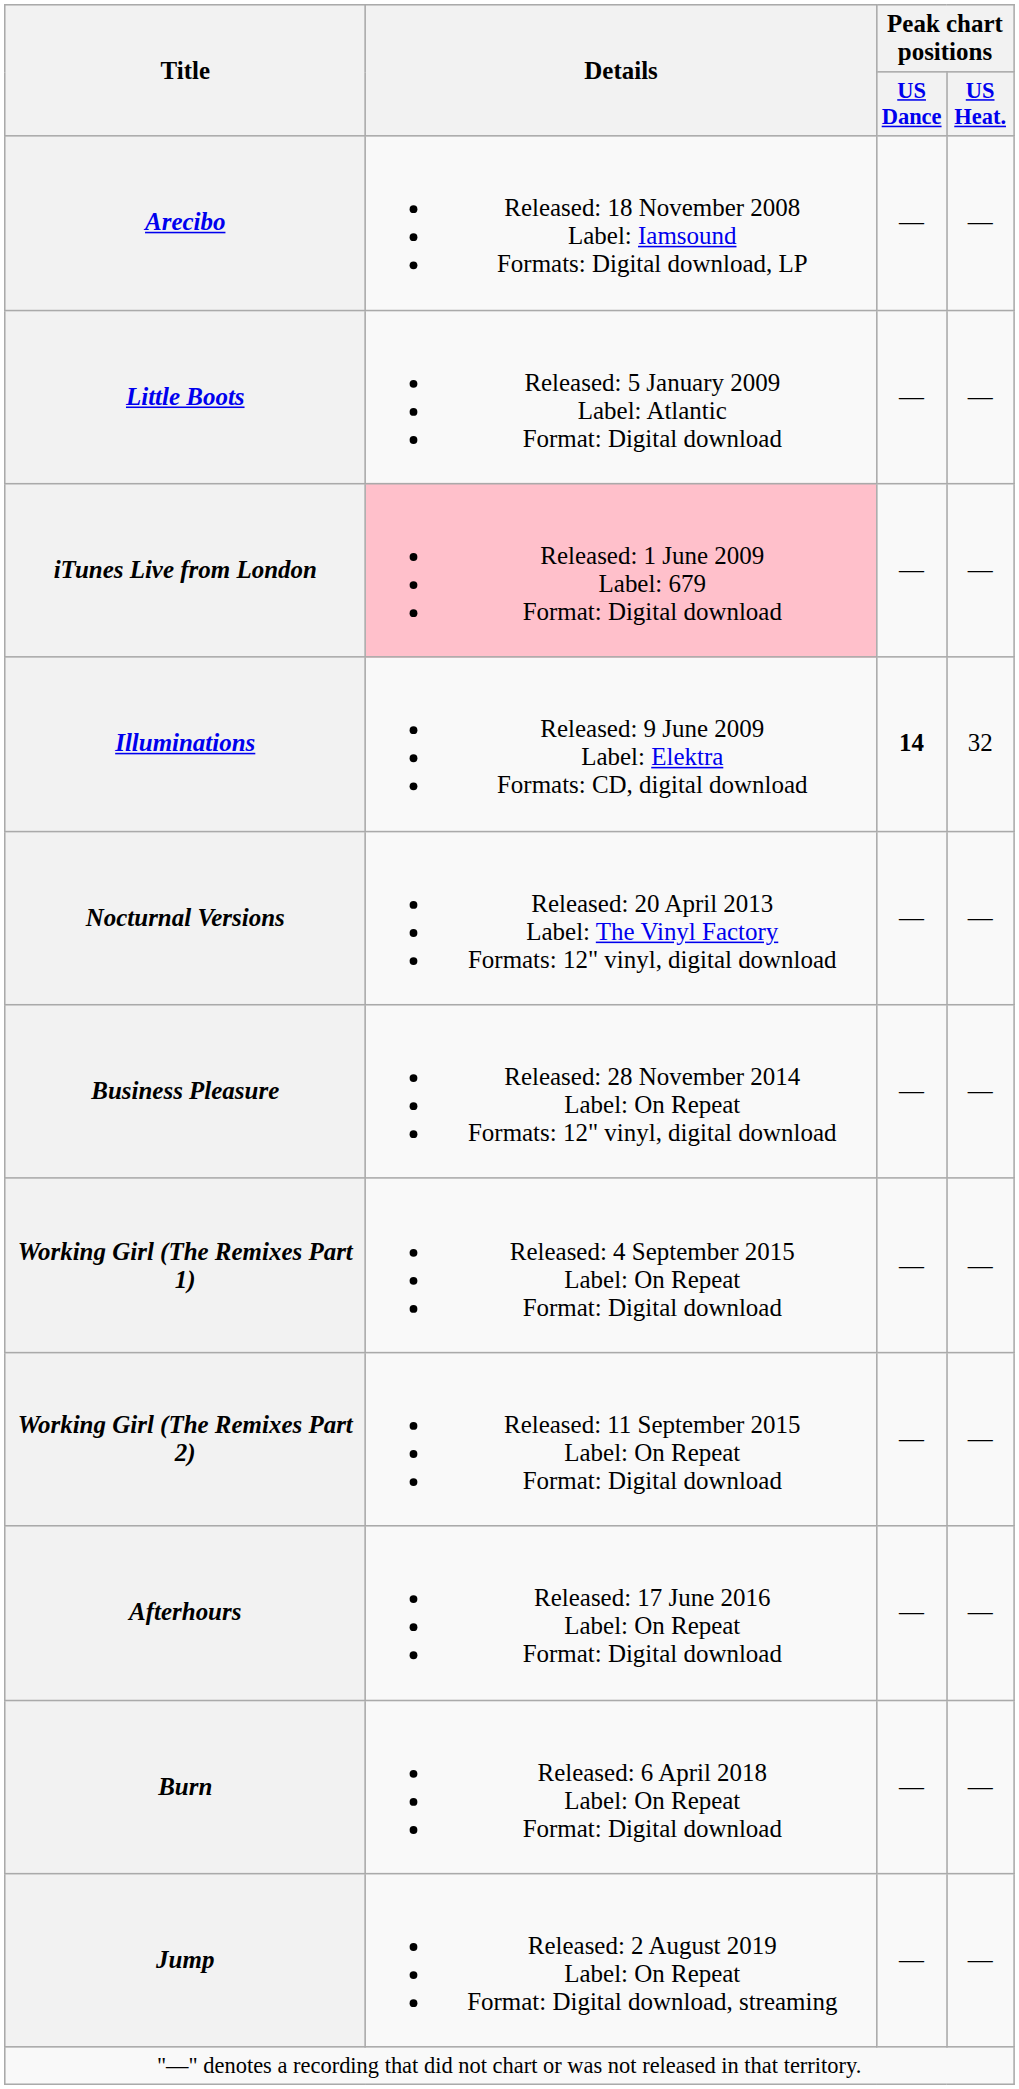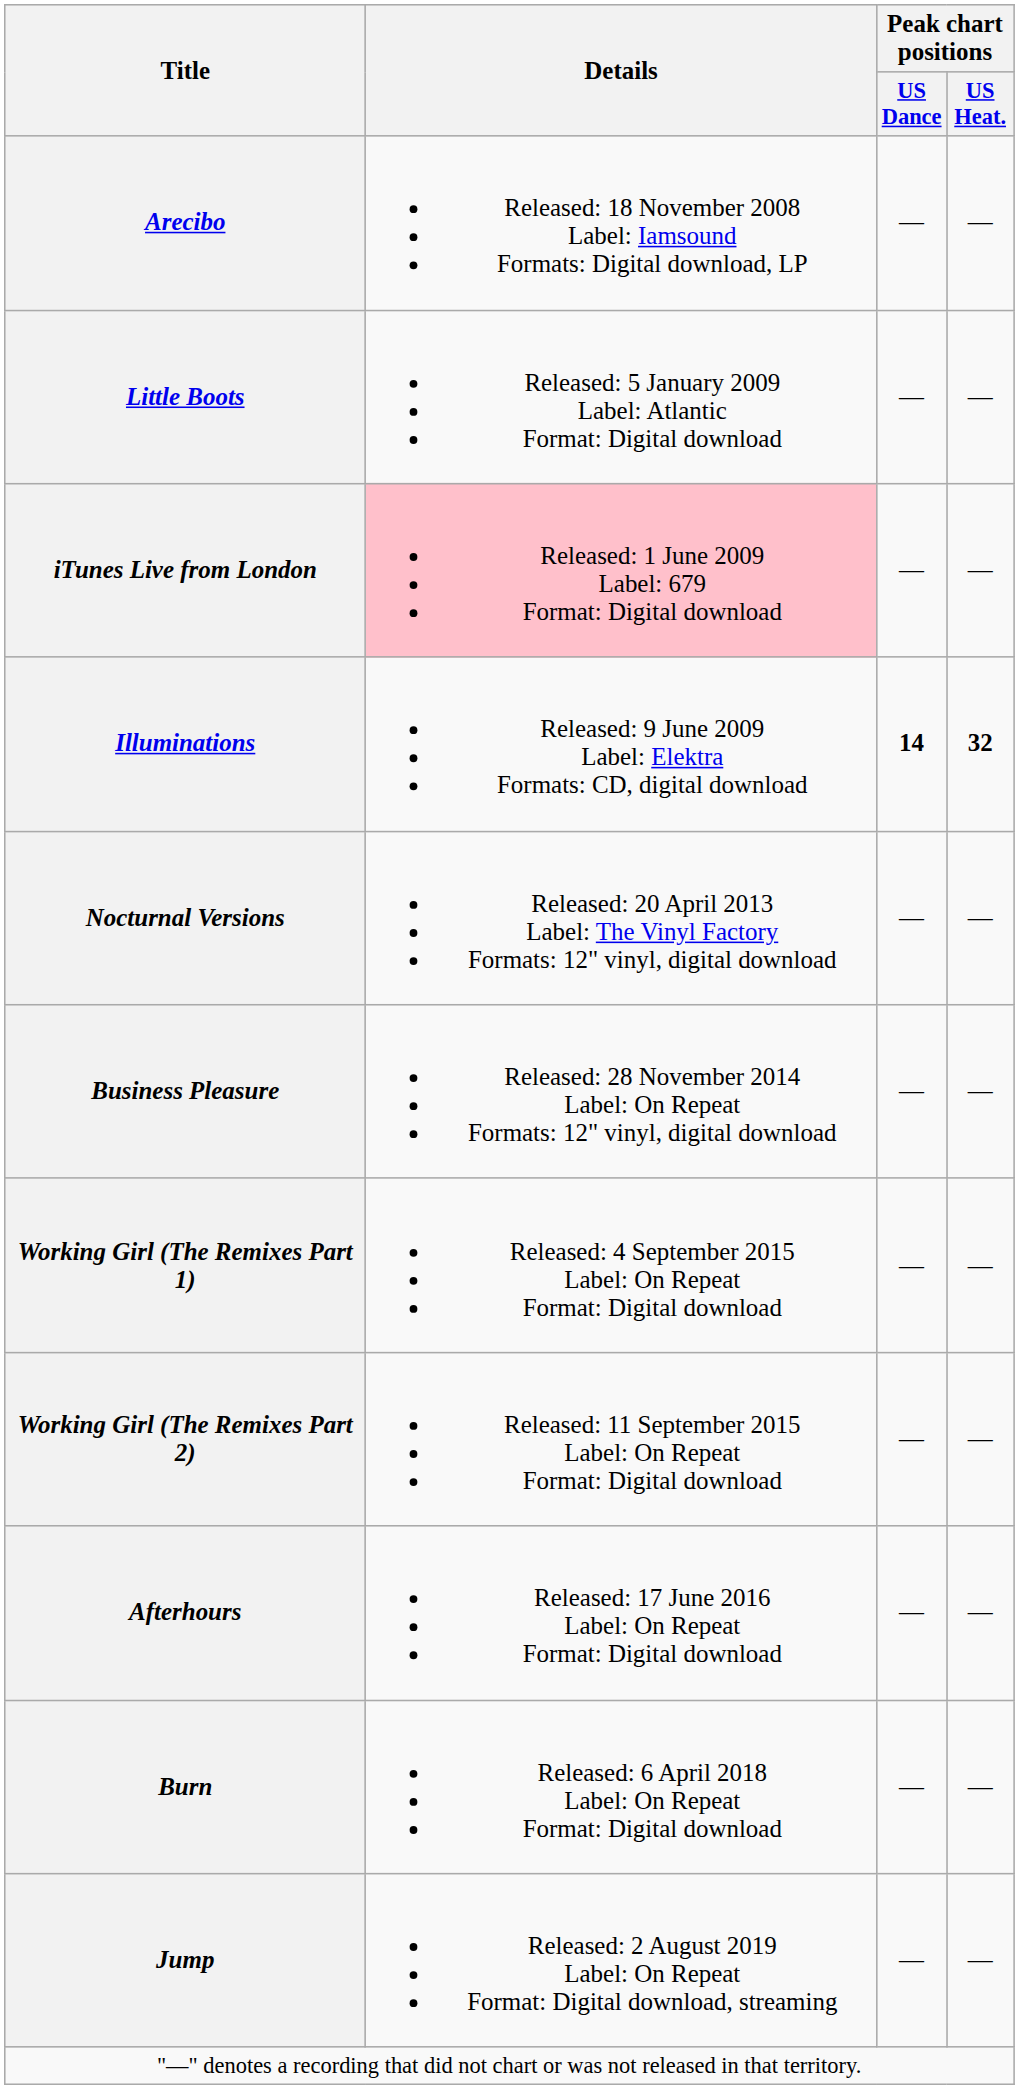 <table class="wikitable plainrowheaders" style="text-align:center">
 <tr>
 <th scope="col" rowspan="2" style="width:14em;">Title</th>
 <th scope="col" rowspan="2" style="width:20em;">Details</th>
 <th scope="col" colspan="3">Peak chart positions</th>
 </tr>
 <tr>
 <th style="width:2.5em;font-size:90%"><a href='#'>US Dance</a><br></th>
 <th style="width:2.5em;font-size:90%"><a href='#'>US Heat.</a><br></th>
 </tr>
 <tr>
 <th scope="row"><em><a href='#'>Arecibo</a></em></th>
 <td><br><ul><li>Released: 18 November 2008</li><li>Label: <a href='#'>Iamsound</a></li><li>Formats: Digital download, LP</li></ul></td>
 <td>—</td>
 <td>—</td>
 </tr>
 <tr>
 <th scope="row"><em><a href='#'>Little Boots</a></em></th>
 <td><br><ul><li>Released: 5 January 2009</li><li>Label: Atlantic</li><li>Format: Digital download</li></ul></td>
 <td>—</td>
 <td>—</td>
 </tr>
 <tr>
 <th scope="row"><em>iTunes Live from London</em></th>
 <td style="background: pink;"><br><ul><li>Released: 1 June 2009</li><li>Label: 679</li><li>Format: Digital download</li></ul></td>
 <td>—</td>
 <td>—</td>
 </tr>
 <tr>
 <th scope="row"><em><a href='#'>Illuminations</a></em></th>
 <td><br><ul><li>Released: 9 June 2009</li><li>Label: <a href='#'>Elektra</a></li><li>Formats: CD, digital download</li></ul></td>
 <td><strong>14</strong></td>
-<td>32</td>
+<td><strong>32</strong></td>
 </tr>
 <tr>
 <th scope="row"><em>Nocturnal Versions</em></th>
 <td><br><ul><li>Released: 20 April 2013</li><li>Label: <a href='#'>The Vinyl Factory</a></li><li>Formats: 12" vinyl, digital download</li></ul></td>
 <td>—</td>
 <td>—</td>
 </tr>
 <tr>
 <th scope="row"><em>Business Pleasure</em></th>
 <td><br><ul><li>Released: 28 November 2014</li><li>Label: On Repeat</li><li>Formats: 12" vinyl, digital download</li></ul></td>
 <td>—</td>
 <td>—</td>
 </tr>
 <tr>
 <th scope="row"><em>Working Girl (The Remixes Part 1)</em></th>
 <td><br><ul><li>Released: 4 September 2015</li><li>Label: On Repeat</li><li>Format: Digital download</li></ul></td>
 <td>—</td>
 <td>—</td>
 </tr>
 <tr>
 <th scope="row"><em>Working Girl (The Remixes Part 2)</em></th>
 <td><br><ul><li>Released: 11 September 2015</li><li>Label: On Repeat</li><li>Format: Digital download</li></ul></td>
 <td>—</td>
 <td>—</td>
 </tr>
 <tr>
 <th scope="row"><em>Afterhours</em></th>
 <td><br><ul><li>Released: 17 June 2016</li><li>Label: On Repeat</li><li>Format: Digital download</li></ul></td>
 <td>—</td>
 <td>—</td>
 </tr>
 <tr>
 <th scope="row"><em>Burn</em></th>
 <td><br><ul><li>Released: 6 April 2018</li><li>Label: On Repeat</li><li>Format: Digital download</li></ul></td>
 <td>—</td>
 <td>—</td>
 </tr>
 <tr>
 <th scope="row"><em>Jump</em></th>
 <td><br><ul><li>Released: 2 August 2019</li><li>Label: On Repeat</li><li>Format: Digital download, streaming</li></ul></td>
 <td>—</td>
 <td>—</td>
 </tr>
 <tr>
 <td colspan="4" style="font-size:90%">"—" denotes a recording that did not chart or was not released in that territory.</td>
 </tr>
 </table>
